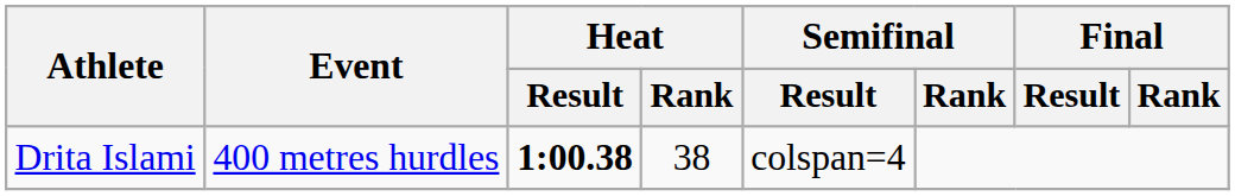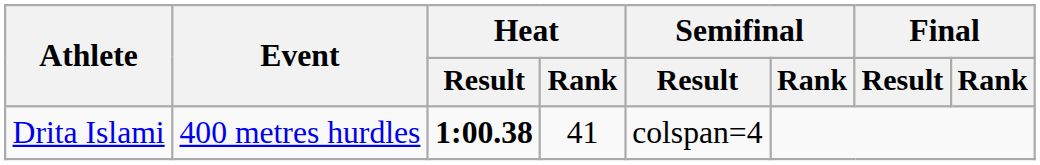 <table class="wikitable" style="font-size:90%">
 <tr>
 <th rowspan="2">Athlete</th>
 <th rowspan="2">Event</th>
 <th colspan="2">Heat</th>
 <th colspan="2">Semifinal</th>
 <th colspan="2">Final</th>
 </tr>
 <tr style="font-size:95%">
 <th>Result</th>
 <th>Rank</th>
 <th>Result</th>
 <th>Rank</th>
 <th>Result</th>
 <th>Rank</th>
 </tr>
 <tr style=text-align:center>
 <td style=text-align:left><a href='#'>Drita Islami</a></td>
 <td style=text-align:left rowspan=4><a href='#'>400 metres hurdles</a></td>
 <td><strong>1:00.38</strong></td>
-<td>38</td>
+<td>41</td>
 <td>colspan=4 </td>
 </tr>
 </table>
